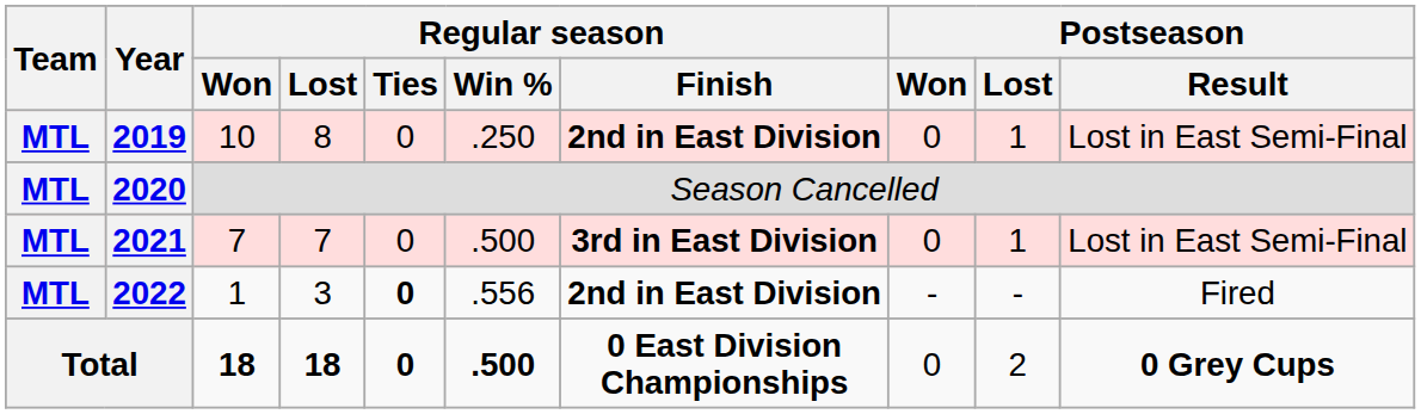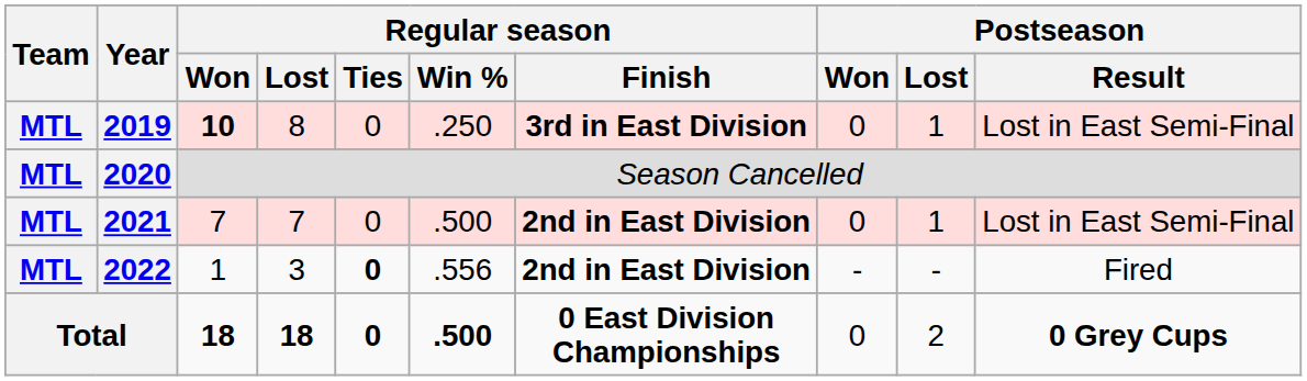 <table class="wikitable" style="font-size: 95%; text-align:center;">
 <tr>
 <th rowspan="2">Team</th>
 <th rowspan="2">Year</th>
 <th colspan="5">Regular season</th>
 <th colspan="4">Postseason</th>
 </tr>
 <tr>
 <th>Won</th>
 <th>Lost</th>
 <th>Ties</th>
 <th>Win %</th>
 <th>Finish</th>
 <th>Won</th>
 <th>Lost</th>
 <th>Result</th>
 </tr>
 <tr ! style="background:#fdd;">
 <th><a href='#'>MTL</a></th>
 <th><a href='#'>2019</a></th>
-<td>10</td>
+<td><strong>10</strong></td>
 <td>8</td>
 <td>0</td>
 <td>.250</td>
-<td><strong>2nd in East Division</strong></td>
+<td><strong>3rd in East Division</strong></td>
 <td>0</td>
 <td>1</td>
 <td>Lost in East Semi-Final</td>
 </tr>
 <tr ! style="background:#dddddd;">
 <th><a href='#'>MTL</a></th>
 <th><a href='#'>2020</a></th>
 <td align="center" colSpan="8"><em>Season Cancelled</em></td>
 </tr>
 <tr ! style="background:#fdd;">
 <th><a href='#'>MTL</a></th>
 <th><a href='#'>2021</a></th>
 <td>7</td>
 <td>7</td>
 <td>0</td>
 <td>.500</td>
-<td><strong>3rd in East Division</strong></td>
+<td><strong>2nd in East Division</strong></td>
 <td>0</td>
 <td>1</td>
 <td>Lost in East Semi-Final</td>
 </tr>
 <tr>
 <th><a href='#'>MTL</a></th>
 <th><a href='#'>2022</a></th>
 <td>1</td>
 <td>3</td>
 <td><strong>0</strong></td>
 <td>.556</td>
 <td><strong>2nd in East Division</strong></td>
 <td>-</td>
 <td>-</td>
 <td>Fired</td>
 </tr>
 <tr>
 <th colspan="2"><strong>Total</strong></th>
 <td><strong>18</strong></td>
 <td><strong>18</strong></td>
 <td><strong>0</strong></td>
 <td><strong>.500</strong></td>
 <td><strong>0 East Division<br>Championships</strong></td>
 <td>0</td>
 <td>2</td>
 <td><strong>0 Grey Cups</strong></td>
 </tr>
 </table>
